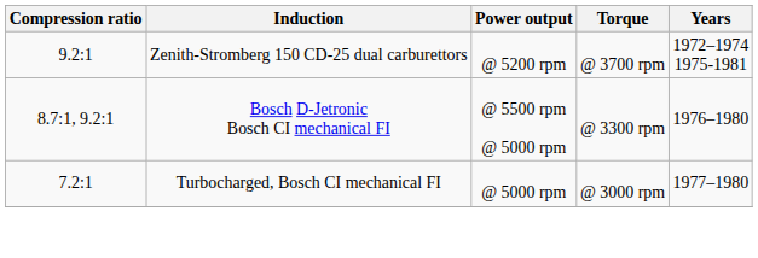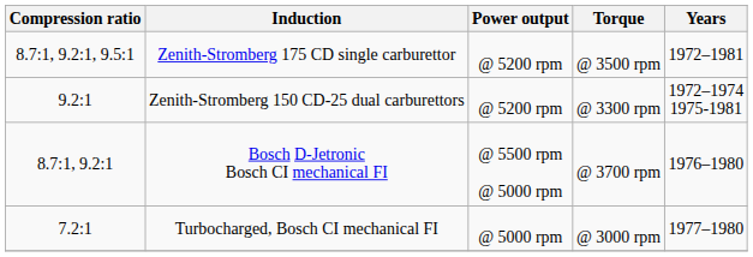 <table class="wikitable"  style="align:center; text-align:center">
 <tr>
 <th>Compression ratio</th>
 <th>Induction</th>
 <th>Power output</th>
 <th>Torque</th>
 <th>Years</th>
 </tr>
 <tr>
+<td>8.7:1, 9.2:1, 9.5:1</td>
+<td><a href='#'>Zenith-Stromberg</a> 175 CD single carburettor</td>
+<td><br>@ 5200 rpm</td>
+<td><br>@ 3500 rpm</td>
+<td>1972–1981</td>
+</tr>
+<tr>
 <td>9.2:1</td>
 <td>Zenith-Stromberg 150 CD-25 dual carburettors</td>
 <td><br>@ 5200 rpm</td>
-<td><br>@ 3700 rpm</td>
+<td><br>@ 3300 rpm</td>
 <td>1972–1974<br>1975-1981</td>
 </tr>
 <tr>
 <td>8.7:1, 9.2:1</td>
 <td><a href='#'>Bosch</a> <a href='#'>D-Jetronic</a><br>Bosch CI <a href='#'>mechanical FI</a></td>
 <td><br>@ 5500 rpm<br><br>@ 5000 rpm</td>
-<td><br>@ 3300 rpm</td>
+<td><br>@ 3700 rpm</td>
 <td>1976–1980</td>
 </tr>
 <tr>
 <td>7.2:1</td>
 <td>Turbocharged, Bosch CI mechanical FI</td>
 <td><br>@ 5000 rpm</td>
 <td><br>@ 3000 rpm</td>
 <td>1977–1980</td>
 </tr>
 <tr>
 </tr>
 </table>
